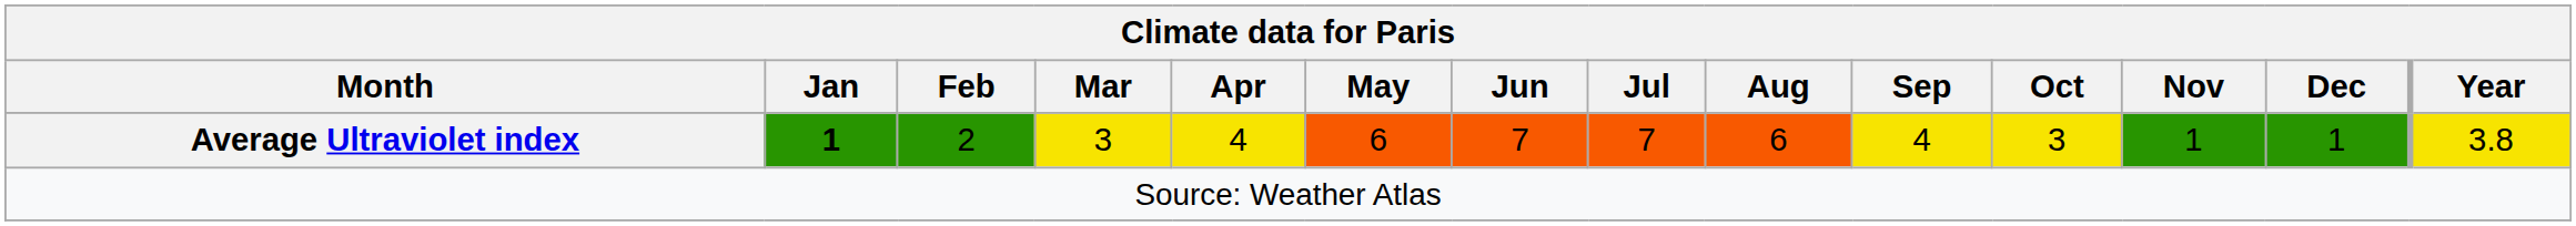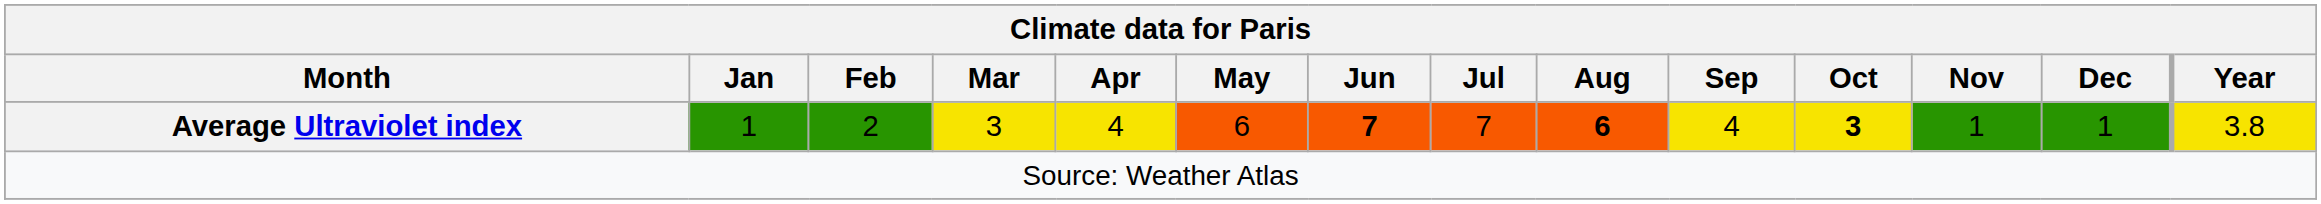 <table style="width:100%;text-align:center;line-height:1.2em;margin-left:auto;margin-right:auto" class="wikitable mw-collapsible mw-collapsed">
 <tr>
 <th Colspan=14>Climate data for Paris</th>
 </tr>
 <tr>
 <th>Month</th>
 <th>Jan</th>
 <th>Feb</th>
 <th>Mar</th>
 <th>Apr</th>
 <th>May</th>
 <th>Jun</th>
 <th>Jul</th>
 <th>Aug</th>
 <th>Sep</th>
 <th>Oct</th>
 <th>Nov</th>
 <th>Dec</th>
 <th style="border-left-width:medium">Year</th>
 </tr>
 <tr>
 <th>Average <a href='#'>Ultraviolet index</a></th>
-<td style="background:#289500;color:#000000;"><strong>1</strong></td>
+<td style="background:#289500;color:#000000;">1</td>
 <td style="background:#289500;color:#000000;">2</td>
 <td style="background:#f7e400;color:#000000;">3</td>
 <td style="background:#f7e400;color:#000000;">4</td>
 <td style="background:#f85900;color:#000000;">6</td>
+<td style="background:#f85900;color:#000000;"><strong>7</strong></td>
 <td style="background:#f85900;color:#000000;">7</td>
-<td style="background:#f85900;color:#000000;">7</td>
-<td style="background:#f85900;color:#000000;">6</td>
+<td style="background:#f85900;color:#000000;"><strong>6</strong></td>
 <td style="background:#f7e400;color:#000000;">4</td>
-<td style="background:#f7e400;color:#000000;">3</td>
+<td style="background:#f7e400;color:#000000;"><strong>3</strong></td>
 <td style="background:#289500;color:#000000;">1</td>
 <td style="background:#289500;color:#000000;">1</td>
 <td style="background:#f7e400;color:#000000;border-left-width:medium">3.8</td>
 </tr>
 <tr>
 <th Colspan=14 style="background:#f8f9fa;font-weight:normal;font-size:95%;">Source: Weather Atlas</th>
 </tr>
 </table>
